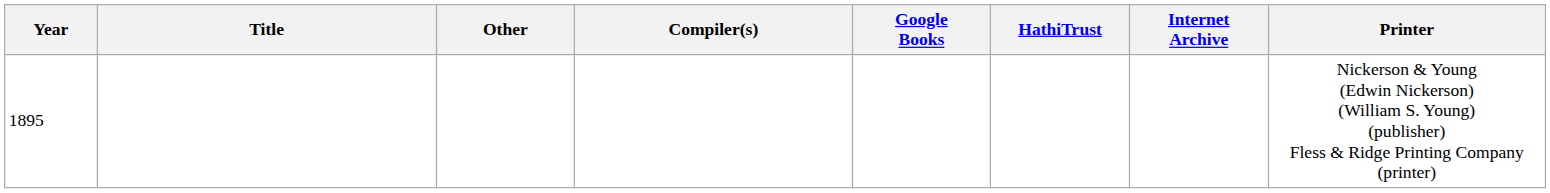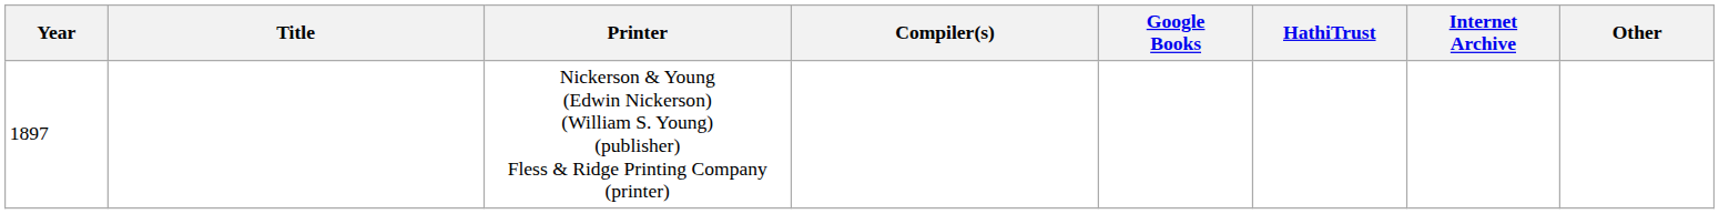 <table class="wikitable collapsible sortable" border="0" cellpadding="1" style="color:black; background-color: #FFFFFF; font-size: 90%; width:100%">
 <tr>
 <th>Year</th>
 <th>Title</th>
-<th>Other</th>
+<th>Printer</th>
 <th>Compiler(s)</th>
 <th><a href='#'>Google<br>Books</a></th>
 <th><a href='#'>HathiTrust</a></th>
 <th><a href='#'>Internet<br>Archive</a></th>
-<th>Printer</th>
+<th>Other</th>
 </tr>
 <tr>
-<td width="6%">1895</td>
+<td width="6%">1897</td>
 <td width="22%" data-sort-value="nickersons illustrated 1895"></td>
-<td style="text-align:center" width="9%"></td>
+<td style="text-align:center" width="18%" data-sort-value="nickerson 1895">Nickerson & Young<br>(Edwin Nickerson)<br>(William S. Young)<br>(publisher)<br>Fless & Ridge Printing Company<br>(printer)</td>
 <td style="text-align:center" width="18%"></td>
 <td style="text-align:center" width="9%" data-sort-value="princeton 1895"></td>
 <td style="text-align:center" width="9%" data-sort-value="princeton 1895"></td>
 <td style="text-align:center" width="9%"></td>
-<td style="text-align:center" width="18%" data-sort-value="nickerson 1895">Nickerson & Young<br>(Edwin Nickerson)<br>(William S. Young)<br>(publisher)<br>Fless & Ridge Printing Company<br>(printer)</td>
+<td style="text-align:center" width="9%"></td>
 </tr>
 </table>
